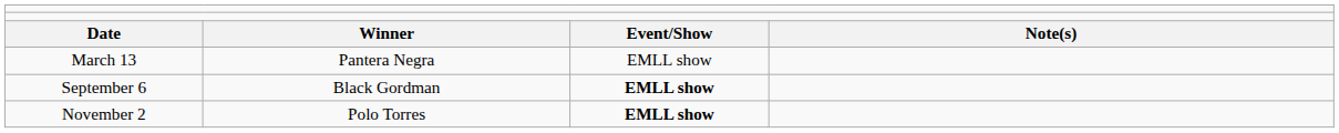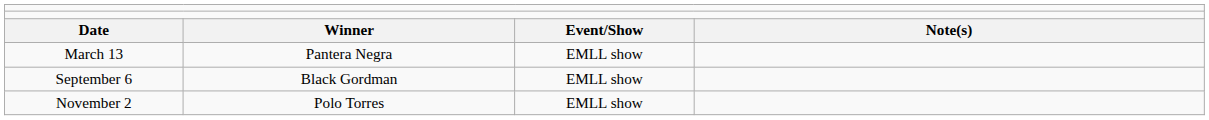 <table class="wikitable" style="text-align:center; width:100%;">
 <tr>
 <td colspan=5></td>
 </tr>
 <tr>
 <td colspan=5><strong></strong></td>
 </tr>
 <tr>
 <th width=14%>Date</th>
 <th width=26%>Winner</th>
 <th width=14%>Event/Show</th>
 <th width=40%>Note(s)</th>
 </tr>
 <tr>
 <td>March 13</td>
 <td>Pantera Negra</td>
 <td>EMLL show</td>
 <td align=left></td>
 </tr>
 <tr>
 <td>September 6</td>
 <td>Black Gordman</td>
-<td><strong>EMLL show</strong></td>
+<td>EMLL show</td>
 <td align=left></td>
 </tr>
 <tr>
 <td>November 2</td>
 <td>Polo Torres</td>
-<td><strong>EMLL show</strong></td>
+<td>EMLL show</td>
 <td align=left></td>
 </tr>
 </table>
